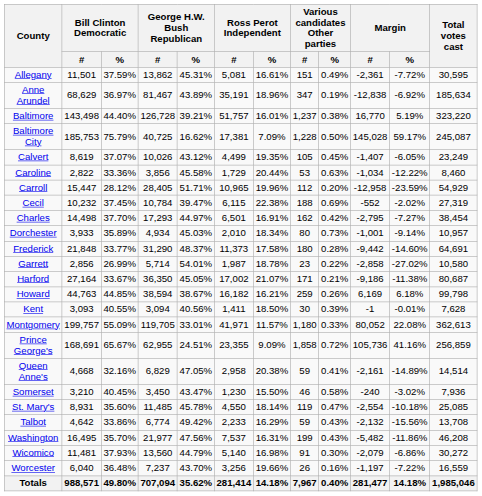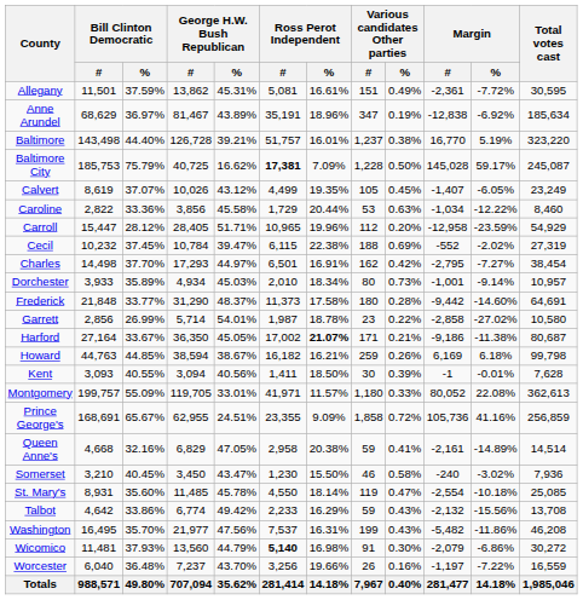 <table width="65%"  class="wikitable sortable" style="text-align:center">
 <tr>
 <th style="text-align:center;" rowspan="2">County</th>
 <th style="text-align:center;" colspan="2">Bill Clinton<br>Democratic</th>
 <th style="text-align:center;" colspan="2">George H.W. Bush<br>Republican</th>
 <th style="text-align:center;" colspan="2">Ross Perot<br>Independent</th>
 <th style="text-align:center;" colspan="2">Various candidates<br>Other parties</th>
 <th style="text-align:center;" colspan="2">Margin</th>
 <th style="text-align:center;" rowspan="2">Total votes cast</th>
 </tr>
 <tr>
 <th style="text-align:center;" data-sort-type="number">#</th>
 <th style="text-align:center;" data-sort-type="number">%</th>
 <th style="text-align:center;" data-sort-type="number">#</th>
 <th style="text-align:center;" data-sort-type="number">%</th>
 <th style="text-align:center;" data-sort-type="number">#</th>
 <th style="text-align:center;" data-sort-type="number">%</th>
 <th style="text-align:center;" data-sort-type="number">#</th>
 <th style="text-align:center;" data-sort-type="number">%</th>
 <th style="text-align:center;" data-sort-type="number">#</th>
 <th style="text-align:center;" data-sort-type="number">%</th>
 </tr>
 <tr style="text-align:center;">
 <td><a href='#'>Allegany</a></td>
 <td>11,501</td>
 <td>37.59%</td>
 <td>13,862</td>
 <td>45.31%</td>
 <td>5,081</td>
 <td>16.61%</td>
 <td>151</td>
 <td>0.49%</td>
 <td>-2,361</td>
 <td>-7.72%</td>
 <td>30,595</td>
 </tr>
 <tr style="text-align:center;">
 <td><a href='#'>Anne Arundel</a></td>
 <td>68,629</td>
 <td>36.97%</td>
 <td>81,467</td>
 <td>43.89%</td>
 <td>35,191</td>
 <td>18.96%</td>
 <td>347</td>
 <td>0.19%</td>
 <td>-12,838</td>
 <td>-6.92%</td>
 <td>185,634</td>
 </tr>
 <tr style="text-align:center;">
 <td><a href='#'>Baltimore</a></td>
 <td>143,498</td>
 <td>44.40%</td>
 <td>126,728</td>
 <td>39.21%</td>
 <td>51,757</td>
 <td>16.01%</td>
 <td>1,237</td>
 <td>0.38%</td>
 <td>16,770</td>
 <td>5.19%</td>
 <td>323,220</td>
 </tr>
 <tr style="text-align:center;">
 <td><a href='#'>Baltimore City</a></td>
 <td>185,753</td>
 <td>75.79%</td>
 <td>40,725</td>
 <td>16.62%</td>
-<td>17,381</td>
+<td><strong>17,381</strong></td>
 <td>7.09%</td>
 <td>1,228</td>
 <td>0.50%</td>
 <td>145,028</td>
 <td>59.17%</td>
 <td>245,087</td>
 </tr>
 <tr style="text-align:center;">
 <td><a href='#'>Calvert</a></td>
 <td>8,619</td>
 <td>37.07%</td>
 <td>10,026</td>
 <td>43.12%</td>
 <td>4,499</td>
 <td>19.35%</td>
 <td>105</td>
 <td>0.45%</td>
 <td>-1,407</td>
 <td>-6.05%</td>
 <td>23,249</td>
 </tr>
 <tr style="text-align:center;">
 <td><a href='#'>Caroline</a></td>
 <td>2,822</td>
 <td>33.36%</td>
 <td>3,856</td>
 <td>45.58%</td>
 <td>1,729</td>
 <td>20.44%</td>
 <td>53</td>
 <td>0.63%</td>
 <td>-1,034</td>
 <td>-12.22%</td>
 <td>8,460</td>
 </tr>
 <tr style="text-align:center;">
 <td><a href='#'>Carroll</a></td>
 <td>15,447</td>
 <td>28.12%</td>
 <td>28,405</td>
 <td>51.71%</td>
 <td>10,965</td>
 <td>19.96%</td>
 <td>112</td>
 <td>0.20%</td>
 <td>-12,958</td>
 <td>-23.59%</td>
 <td>54,929</td>
 </tr>
 <tr style="text-align:center;">
 <td><a href='#'>Cecil</a></td>
 <td>10,232</td>
 <td>37.45%</td>
 <td>10,784</td>
 <td>39.47%</td>
 <td>6,115</td>
 <td>22.38%</td>
 <td>188</td>
 <td>0.69%</td>
 <td>-552</td>
 <td>-2.02%</td>
 <td>27,319</td>
 </tr>
 <tr style="text-align:center;">
 <td><a href='#'>Charles</a></td>
 <td>14,498</td>
 <td>37.70%</td>
 <td>17,293</td>
 <td>44.97%</td>
 <td>6,501</td>
 <td>16.91%</td>
 <td>162</td>
 <td>0.42%</td>
 <td>-2,795</td>
 <td>-7.27%</td>
 <td>38,454</td>
 </tr>
 <tr style="text-align:center;">
 <td><a href='#'>Dorchester</a></td>
 <td>3,933</td>
 <td>35.89%</td>
 <td>4,934</td>
 <td>45.03%</td>
 <td>2,010</td>
 <td>18.34%</td>
 <td>80</td>
 <td>0.73%</td>
 <td>-1,001</td>
 <td>-9.14%</td>
 <td>10,957</td>
 </tr>
 <tr style="text-align:center;">
 <td><a href='#'>Frederick</a></td>
 <td>21,848</td>
 <td>33.77%</td>
 <td>31,290</td>
 <td>48.37%</td>
 <td>11,373</td>
 <td>17.58%</td>
 <td>180</td>
 <td>0.28%</td>
 <td>-9,442</td>
 <td>-14.60%</td>
 <td>64,691</td>
 </tr>
 <tr style="text-align:center;">
 <td><a href='#'>Garrett</a></td>
 <td>2,856</td>
 <td>26.99%</td>
 <td>5,714</td>
 <td>54.01%</td>
 <td>1,987</td>
 <td>18.78%</td>
 <td>23</td>
 <td>0.22%</td>
 <td>-2,858</td>
 <td>-27.02%</td>
 <td>10,580</td>
 </tr>
 <tr style="text-align:center;">
 <td><a href='#'>Harford</a></td>
 <td>27,164</td>
 <td>33.67%</td>
 <td>36,350</td>
 <td>45.05%</td>
 <td>17,002</td>
-<td>21.07%</td>
+<td><strong>21.07%</strong></td>
 <td>171</td>
 <td>0.21%</td>
 <td>-9,186</td>
 <td>-11.38%</td>
 <td>80,687</td>
 </tr>
 <tr style="text-align:center;">
 <td><a href='#'>Howard</a></td>
 <td>44,763</td>
 <td>44.85%</td>
 <td>38,594</td>
 <td>38.67%</td>
 <td>16,182</td>
 <td>16.21%</td>
 <td>259</td>
 <td>0.26%</td>
 <td>6,169</td>
 <td>6.18%</td>
 <td>99,798</td>
 </tr>
 <tr style="text-align:center;">
 <td><a href='#'>Kent</a></td>
 <td>3,093</td>
 <td>40.55%</td>
 <td>3,094</td>
 <td>40.56%</td>
 <td>1,411</td>
 <td>18.50%</td>
 <td>30</td>
 <td>0.39%</td>
 <td>-1</td>
 <td>-0.01%</td>
 <td>7,628</td>
 </tr>
 <tr style="text-align:center;">
 <td><a href='#'>Montgomery</a></td>
 <td>199,757</td>
 <td>55.09%</td>
 <td>119,705</td>
 <td>33.01%</td>
 <td>41,971</td>
 <td>11.57%</td>
 <td>1,180</td>
 <td>0.33%</td>
 <td>80,052</td>
 <td>22.08%</td>
 <td>362,613</td>
 </tr>
 <tr style="text-align:center;">
 <td><a href='#'>Prince George's</a></td>
 <td>168,691</td>
 <td>65.67%</td>
 <td>62,955</td>
 <td>24.51%</td>
 <td>23,355</td>
 <td>9.09%</td>
 <td>1,858</td>
 <td>0.72%</td>
 <td>105,736</td>
 <td>41.16%</td>
 <td>256,859</td>
 </tr>
 <tr style="text-align:center;">
 <td><a href='#'>Queen Anne's</a></td>
 <td>4,668</td>
 <td>32.16%</td>
 <td>6,829</td>
 <td>47.05%</td>
 <td>2,958</td>
 <td>20.38%</td>
 <td>59</td>
 <td>0.41%</td>
 <td>-2,161</td>
 <td>-14.89%</td>
 <td>14,514</td>
 </tr>
 <tr style="text-align:center;">
 <td><a href='#'>Somerset</a></td>
 <td>3,210</td>
 <td>40.45%</td>
 <td>3,450</td>
 <td>43.47%</td>
 <td>1,230</td>
 <td>15.50%</td>
 <td>46</td>
 <td>0.58%</td>
 <td>-240</td>
 <td>-3.02%</td>
 <td>7,936</td>
 </tr>
 <tr style="text-align:center;">
 <td><a href='#'>St. Mary's</a></td>
 <td>8,931</td>
 <td>35.60%</td>
 <td>11,485</td>
 <td>45.78%</td>
 <td>4,550</td>
 <td>18.14%</td>
 <td>119</td>
 <td>0.47%</td>
 <td>-2,554</td>
 <td>-10.18%</td>
 <td>25,085</td>
 </tr>
 <tr style="text-align:center;">
 <td><a href='#'>Talbot</a></td>
 <td>4,642</td>
 <td>33.86%</td>
 <td>6,774</td>
 <td>49.42%</td>
 <td>2,233</td>
 <td>16.29%</td>
 <td>59</td>
 <td>0.43%</td>
 <td>-2,132</td>
 <td>-15.56%</td>
 <td>13,708</td>
 </tr>
 <tr style="text-align:center;">
 <td><a href='#'>Washington</a></td>
 <td>16,495</td>
 <td>35.70%</td>
 <td>21,977</td>
 <td>47.56%</td>
 <td>7,537</td>
 <td>16.31%</td>
 <td>199</td>
 <td>0.43%</td>
 <td>-5,482</td>
 <td>-11.86%</td>
 <td>46,208</td>
 </tr>
 <tr style="text-align:center;">
 <td><a href='#'>Wicomico</a></td>
 <td>11,481</td>
 <td>37.93%</td>
 <td>13,560</td>
 <td>44.79%</td>
-<td>5,140</td>
+<td><strong>5,140</strong></td>
 <td>16.98%</td>
 <td>91</td>
 <td>0.30%</td>
 <td>-2,079</td>
 <td>-6.86%</td>
 <td>30,272</td>
 </tr>
 <tr style="text-align:center;">
 <td><a href='#'>Worcester</a></td>
 <td>6,040</td>
 <td>36.48%</td>
 <td>7,237</td>
 <td>43.70%</td>
 <td>3,256</td>
 <td>19.66%</td>
 <td>26</td>
 <td>0.16%</td>
 <td>-1,197</td>
 <td>-7.22%</td>
 <td>16,559</td>
 </tr>
 <tr style="text-align:center;">
 <th>Totals</th>
 <th>988,571</th>
 <th>49.80%</th>
 <th>707,094</th>
 <th>35.62%</th>
 <th>281,414</th>
 <th>14.18%</th>
 <th>7,967</th>
 <th>0.40%</th>
 <th>281,477</th>
 <th>14.18%</th>
 <th>1,985,046</th>
 </tr>
 </table>
